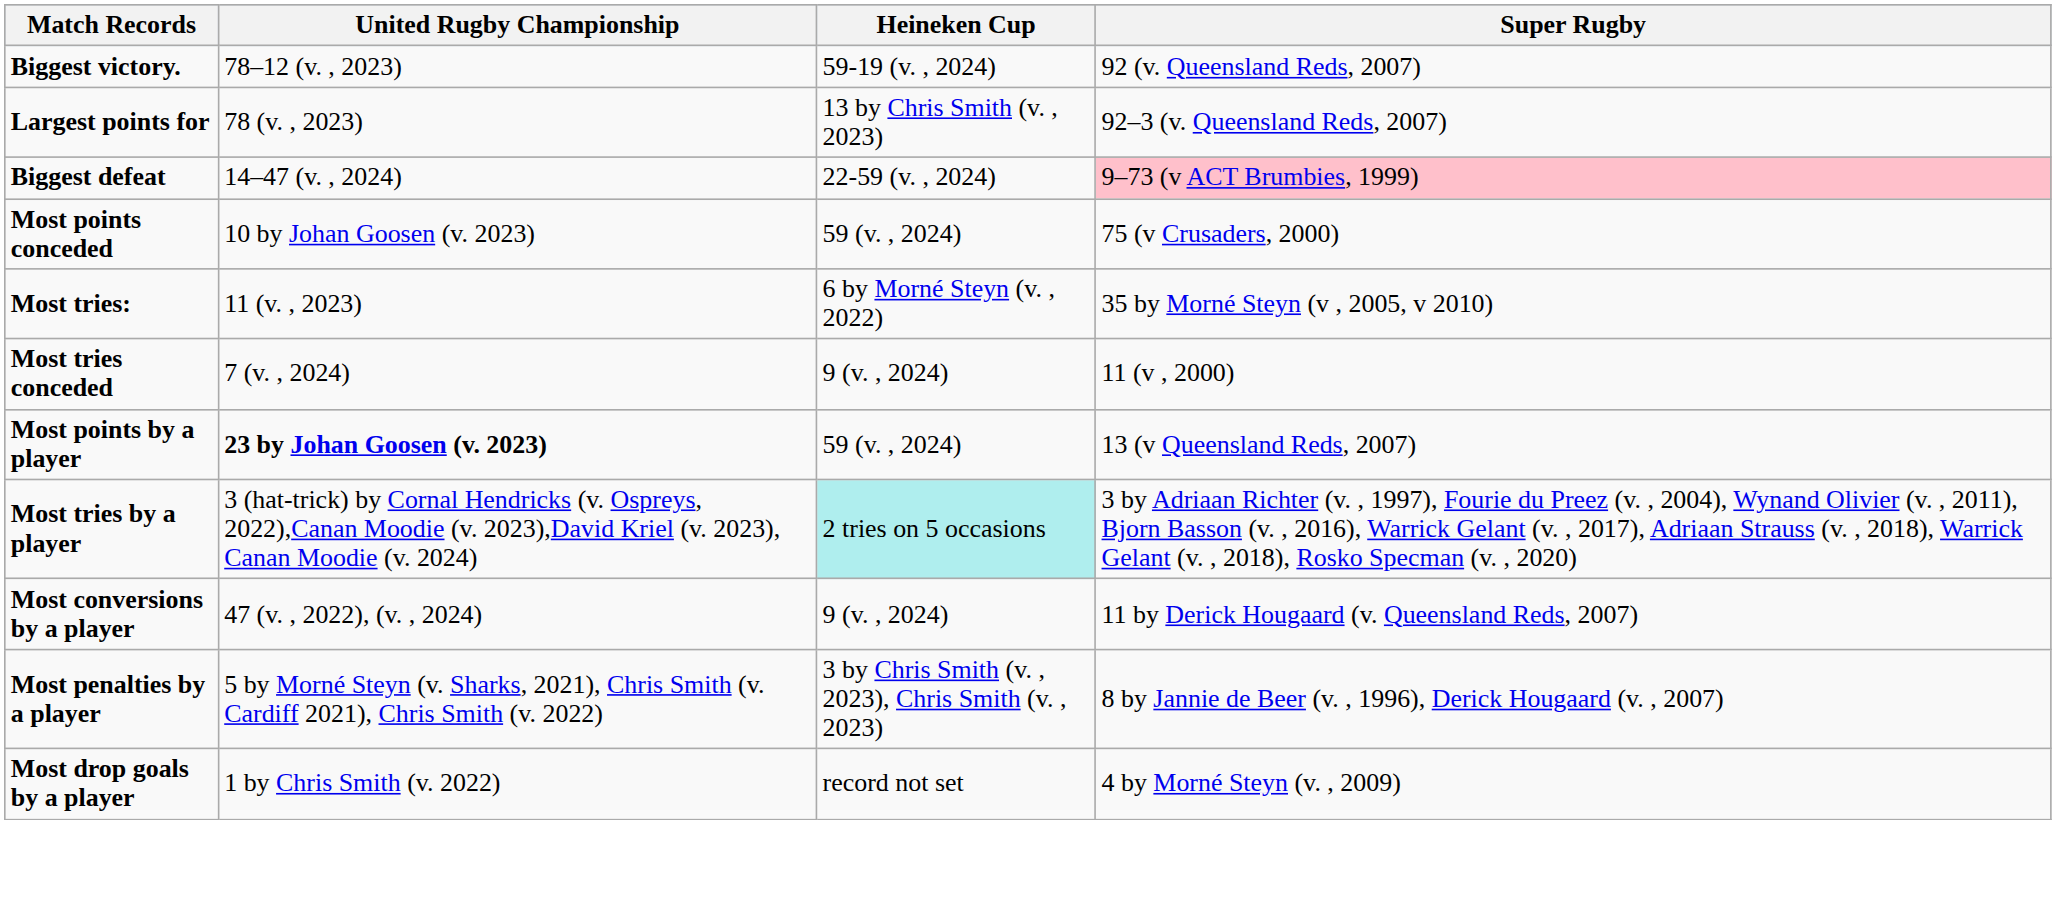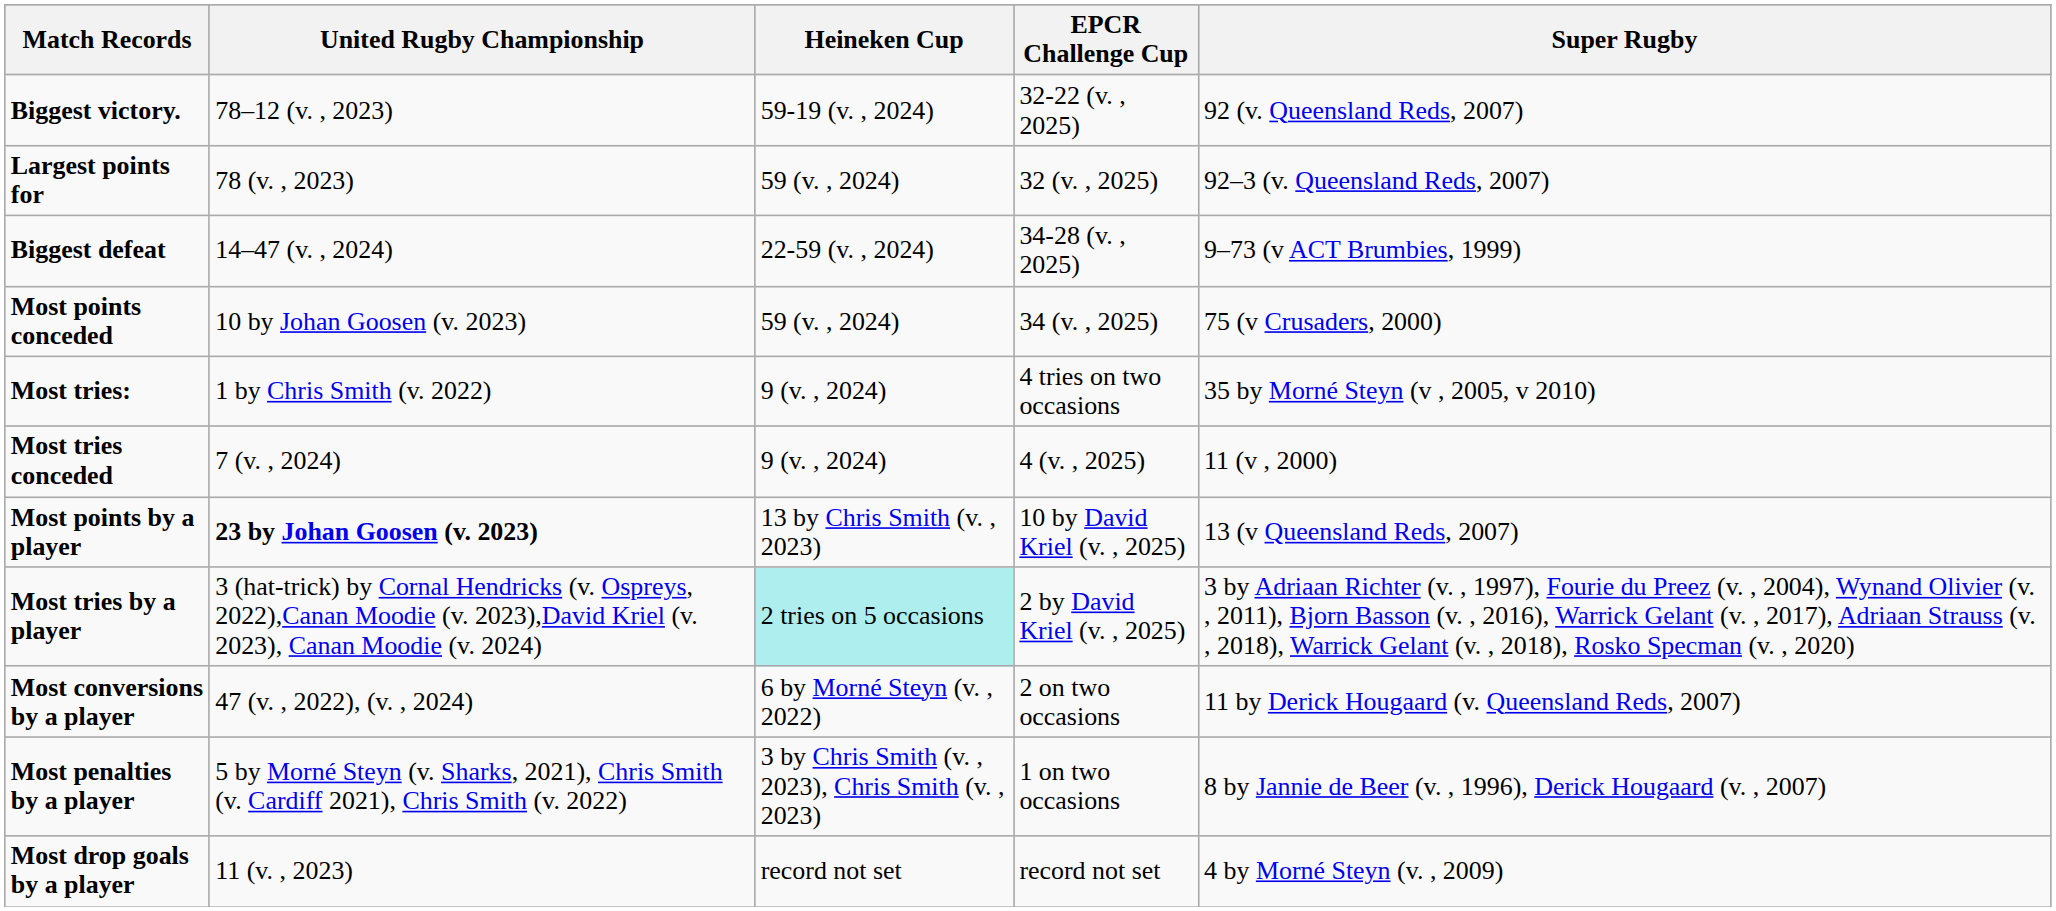 <table class="wikitable" width="100%">
 <tr style="background:#BCD4E6">
 <th>Match Records</th>
 <th>United Rugby Championship</th>
 <th>Heineken Cup</th>
+<th>EPCR Challenge Cup</th>
 <th>Super Rugby</th>
 </tr>
 <tr>
 <td><strong>Biggest victory.</strong></td>
 <td>78–12 (v. , 2023)</td>
 <td>59-19 (v. , 2024)</td>
+<td>32-22 (v. , 2025)</td>
 <td>92 (v. <a href='#'>Queensland Reds</a>, 2007)</td>
 </tr>
 <tr>
 <td><strong>Largest points for</strong></td>
 <td>78 (v. , 2023)</td>
-<td>13 by <a href='#'>Chris Smith</a> (v. , 2023)</td>
+<td>59 (v. , 2024)</td>
+<td>32 (v. , 2025)</td>
 <td>92–3 (v. <a href='#'>Queensland Reds</a>, 2007)</td>
 </tr>
 <tr>
 <td><strong>Biggest defeat</strong></td>
 <td>14–47 (v. , 2024)</td>
 <td>22-59 (v. , 2024)</td>
-<td style="background: pink;">9–73 (v <a href='#'>ACT Brumbies</a>, 1999)</td>
+<td>34-28 (v. , 2025)</td>
+<td>9–73 (v <a href='#'>ACT Brumbies</a>, 1999)</td>
 </tr>
 <tr>
 <td><strong>Most points conceded</strong></td>
 <td>10 by <a href='#'>Johan Goosen</a> (v.  2023)</td>
 <td>59 (v. , 2024)</td>
+<td>34 (v. , 2025)</td>
 <td>75 (v <a href='#'>Crusaders</a>, 2000)</td>
 </tr>
 <tr>
 <td><strong>Most tries:</strong></td>
-<td>11 (v. , 2023)</td>
-<td>6 by <a href='#'>Morné Steyn</a> (v. , 2022)</td>
+<td>1 by <a href='#'>Chris Smith</a> (v.  2022)</td>
+<td>9 (v. , 2024)</td>
+<td>4 tries on two occasions</td>
 <td>35 by <a href='#'>Morné Steyn</a> (v , 2005, v  2010)</td>
 </tr>
 <tr>
 <td><strong>Most tries conceded</strong></td>
 <td>7 (v. , 2024)</td>
 <td>9 (v. , 2024)</td>
+<td>4 (v. , 2025)</td>
 <td>11 (v , 2000)</td>
 </tr>
 <tr>
 <td><strong>Most points by a player</strong></td>
 <td><strong>23 by <a href='#'>Johan Goosen</a> (v.  2023)</strong></td>
-<td>59 (v. , 2024)</td>
+<td>13 by <a href='#'>Chris Smith</a> (v. , 2023)</td>
+<td>10 by <a href='#'>David Kriel</a> (v. , 2025)</td>
 <td>13 (v <a href='#'>Queensland Reds</a>, 2007)</td>
 </tr>
 <tr>
 <td><strong>Most tries by a player</strong></td>
 <td>3 (hat-trick) by <a href='#'>Cornal Hendricks</a> (v. <a href='#'>Ospreys</a>, 2022),<a href='#'>Canan Moodie</a> (v.  2023),<a href='#'>David Kriel</a> (v.  2023), <a href='#'>Canan Moodie</a> (v.  2024)</td>
 <td style="background: paleturquoise;">2 tries on 5 occasions</td>
+<td>2 by <a href='#'>David Kriel</a> (v. , 2025)</td>
 <td>3 by <a href='#'>Adriaan Richter</a> (v. , 1997), <a href='#'>Fourie du Preez</a> (v. , 2004), <a href='#'>Wynand Olivier</a> (v. , 2011), <a href='#'>Bjorn Basson</a> (v. , 2016), <a href='#'>Warrick Gelant</a> (v. , 2017), <a href='#'>Adriaan Strauss</a> (v. , 2018), <a href='#'>Warrick Gelant</a> (v. , 2018), <a href='#'>Rosko Specman</a> (v. , 2020)</td>
 </tr>
 <tr>
 <td><strong>Most conversions by a player</strong></td>
 <td>47 (v. , 2022), (v. , 2024)</td>
-<td>9 (v. , 2024)</td>
+<td>6 by <a href='#'>Morné Steyn</a> (v. , 2022)</td>
+<td>2 on two occasions</td>
 <td>11 by <a href='#'>Derick Hougaard</a> (v. <a href='#'>Queensland Reds</a>, 2007)</td>
 </tr>
 <tr>
 <td><strong>Most penalties by a player</strong></td>
 <td>5 by <a href='#'>Morné Steyn</a> (v. <a href='#'>Sharks</a>, 2021), <a href='#'>Chris Smith</a> (v. <a href='#'>Cardiff</a> 2021), <a href='#'>Chris Smith</a> (v.  2022)</td>
 <td>3 by <a href='#'>Chris Smith</a> (v. , 2023), <a href='#'>Chris Smith</a> (v. , 2023)</td>
+<td>1 on two occasions</td>
 <td>8 by <a href='#'>Jannie de Beer</a> (v. , 1996), <a href='#'>Derick Hougaard</a> (v. , 2007)</td>
 </tr>
 <tr>
 <td><strong>Most drop goals by a player</strong></td>
-<td>1 by <a href='#'>Chris Smith</a> (v.  2022)</td>
+<td>11 (v. , 2023)</td>
+<td>record not set</td>
 <td>record not set</td>
 <td>4 by <a href='#'>Morné Steyn</a> (v. , 2009)</td>
 </tr>
 </table>
